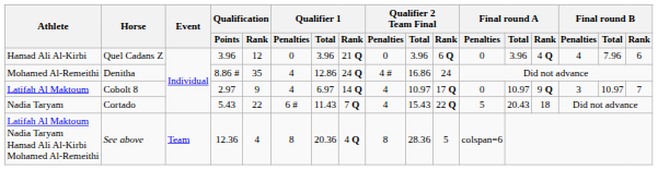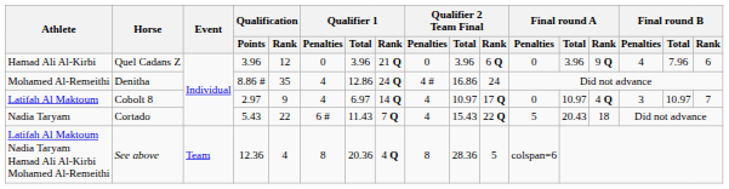 <table class=wikitable style=font-size:90%;text-align:center>
 <tr>
 <th rowspan=2>Athlete</th>
 <th rowspan=2>Horse</th>
 <th rowspan=2>Event</th>
 <th colspan=2>Qualification</th>
 <th colspan=3>Qualifier 1</th>
 <th colspan=3>Qualifier 2<br>Team Final</th>
 <th colspan=3>Final round A</th>
 <th colspan=3>Final round B</th>
 </tr>
 <tr style="font-size:95%">
 <th>Points</th>
 <th>Rank</th>
 <th>Penalties</th>
 <th>Total</th>
 <th>Rank</th>
 <th>Penalties</th>
 <th>Total</th>
 <th>Rank</th>
 <th>Penalties</th>
 <th>Total</th>
 <th>Rank</th>
 <th>Penalties</th>
 <th>Total</th>
 <th>Rank</th>
 </tr>
 <tr>
 <td align=left>Hamad Ali Al-Kirbi</td>
 <td align=left>Quel Cadans Z</td>
 <td align=left rowspan=4><a href='#'>Individual</a></td>
 <td>3.96</td>
 <td>12</td>
 <td>0</td>
 <td>3.96</td>
 <td>21 <strong>Q</strong></td>
 <td>0</td>
 <td>3.96</td>
 <td>6 <strong>Q</strong></td>
 <td>0</td>
 <td>3.96</td>
-<td>4 <strong>Q</strong></td>
+<td>9 <strong>Q</strong></td>
 <td>4</td>
 <td>7.96</td>
 <td>6</td>
 </tr>
 <tr>
 <td align=left>Mohamed Al-Remeithi</td>
 <td align=left>Denitha</td>
 <td>8.86 #</td>
 <td>35</td>
 <td>4</td>
 <td>12.86</td>
 <td>24 <strong>Q</strong></td>
 <td>4 #</td>
 <td>16.86</td>
 <td>24</td>
 <td colspan=6>Did not advance</td>
 </tr>
 <tr>
 <td align=left><a href='#'>Latifah Al Maktoum</a></td>
 <td align=left>Cobolt 8</td>
 <td>2.97</td>
 <td>9</td>
 <td>4</td>
 <td>6.97</td>
 <td>14 <strong>Q</strong></td>
 <td>4</td>
 <td>10.97</td>
 <td>17 <strong>Q</strong></td>
 <td>0</td>
 <td>10.97</td>
-<td>9 <strong>Q</strong></td>
+<td>4 <strong>Q</strong></td>
 <td>3</td>
 <td>10.97</td>
 <td>7</td>
 </tr>
 <tr>
 <td align=left>Nadia Taryam</td>
 <td align=left>Cortado</td>
 <td>5.43</td>
 <td>22</td>
 <td>6 #</td>
 <td>11.43</td>
 <td>7 <strong>Q</strong></td>
 <td>4</td>
 <td>15.43</td>
 <td>22 <strong>Q</strong></td>
 <td>5</td>
 <td>20.43</td>
 <td>18</td>
 <td colspan=3>Did not advance</td>
 </tr>
 <tr>
 <td align=left><a href='#'>Latifah Al Maktoum</a><br>Nadia Taryam<br>Hamad Ali Al-Kirbi<br>Mohamed Al-Remeithi</td>
 <td align=left><em>See above</em></td>
 <td align=left><a href='#'>Team</a></td>
 <td>12.36</td>
 <td>4</td>
 <td>8</td>
 <td>20.36</td>
 <td>4 <strong>Q</strong></td>
 <td>8</td>
 <td>28.36</td>
 <td>5</td>
 <td>colspan=6 </td>
 </tr>
 </table>
